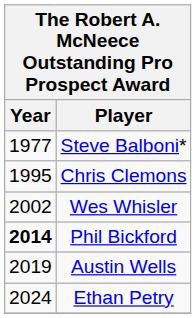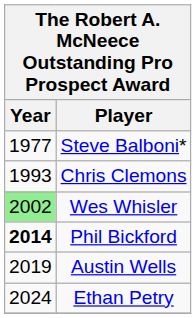 <table class="wikitable" style="display: inline-table; margin-right: 20px; text-align:center">
 <tr>
 <th scope="col" colspan="2" style="width: 145px;">The Robert A. McNeece Outstanding Pro Prospect Award</th>
 </tr>
 <tr>
 <th scope="col">Year</th>
 <th scope="col">Player</th>
 </tr>
 <tr>
 <td>1977</td>
 <td><a href='#'>Steve Balboni</a>*</td>
 </tr>
 <tr>
-<td>1995</td>
+<td>1993</td>
 <td><a href='#'>Chris Clemons</a></td>
 </tr>
 <tr>
-<td>2002</td>
+<td style="background: lightgreen;">2002</td>
 <td><a href='#'>Wes Whisler</a></td>
 </tr>
 <tr>
 <td><strong>2014</strong></td>
 <td><a href='#'>Phil Bickford</a></td>
 </tr>
 <tr>
 <td>2019</td>
 <td><a href='#'>Austin Wells</a></td>
 </tr>
 <tr>
 <td>2024</td>
 <td><a href='#'>Ethan Petry</a></td>
 </tr>
 <tr>
 </tr>
 </table>
